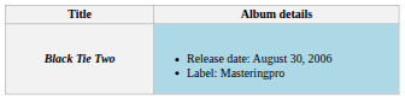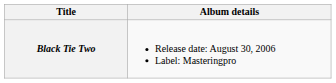 <table class="wikitable plainrowheaders">
 <tr>
 <th style="width:12em;">Title</th>
 <th style="width:20em;">Album details</th>
 </tr>
 <tr>
 <th scope="row"><em>Black Tie Two</em></th>
-<td style="background: lightblue;"><br><ul><li>Release date: August 30, 2006</li><li>Label: Masteringpro</li></ul></td>
+<td><br><ul><li>Release date: August 30, 2006</li><li>Label: Masteringpro</li></ul></td>
 </tr>
 </table>
